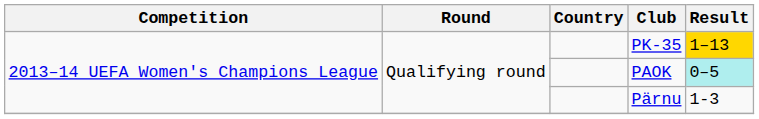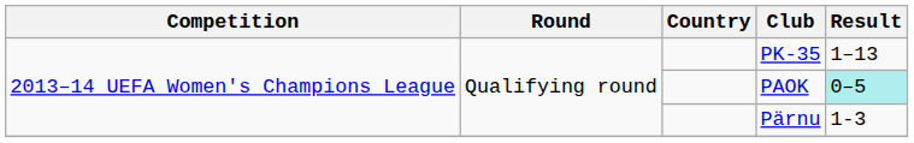 <table class="wikitable">
 <tr>
 <th>Competition</th>
 <th>Round</th>
 <th>Country</th>
 <th>Club</th>
 <th>Result</th>
 </tr>
 <tr>
 <td rowspan=3><a href='#'>2013–14 UEFA Women's Champions League</a></td>
 <td rowspan=3>Qualifying round</td>
 <td></td>
 <td><a href='#'>PK-35</a></td>
-<td style="background: gold;">1–13</td>
+<td>1–13</td>
 </tr>
 <tr>
 <td></td>
 <td><a href='#'>PAOK</a></td>
 <td style="background: paleturquoise;">0–5</td>
 </tr>
 <tr>
 <td></td>
 <td><a href='#'>Pärnu</a></td>
 <td>1-3</td>
 </tr>
 <tr>
 </tr>
 </table>
